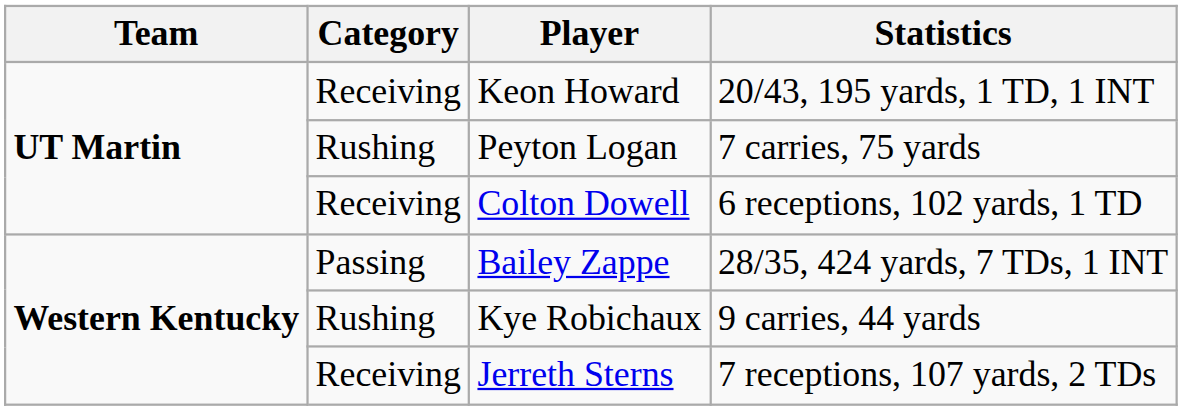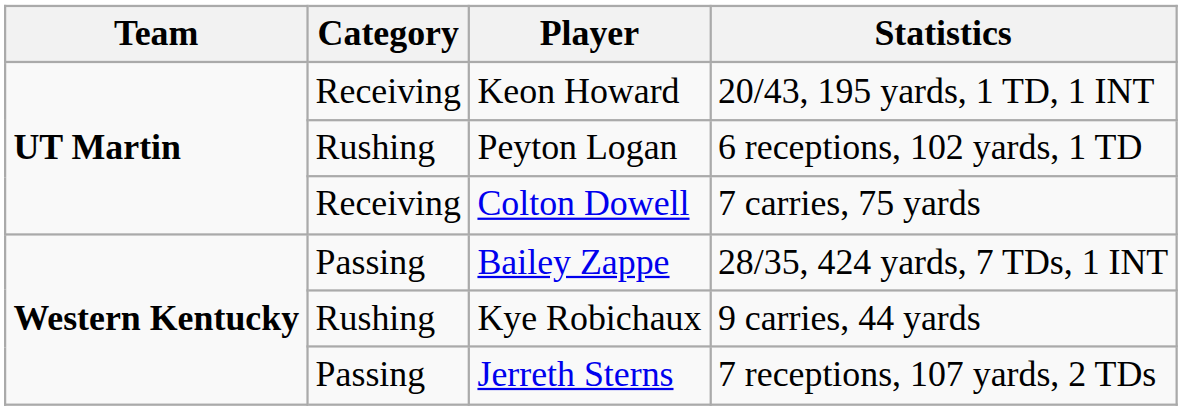 <table class="wikitable" style="float: left;">
 <tr>
 <th>Team</th>
 <th>Category</th>
 <th>Player</th>
 <th>Statistics</th>
 </tr>
 <tr>
 <td rowspan=3><strong>UT Martin</strong></td>
 <td>Receiving</td>
 <td>Keon Howard</td>
 <td>20/43, 195 yards, 1 TD, 1 INT</td>
 </tr>
 <tr>
 <td>Rushing</td>
 <td>Peyton Logan</td>
-<td>7 carries, 75 yards</td>
+<td>6 receptions, 102 yards, 1 TD</td>
 </tr>
 <tr>
 <td>Receiving</td>
 <td><a href='#'>Colton Dowell</a></td>
-<td>6 receptions, 102 yards, 1 TD</td>
+<td>7 carries, 75 yards</td>
 </tr>
 <tr>
 <td rowspan=3><strong>Western Kentucky</strong></td>
 <td>Passing</td>
 <td><a href='#'>Bailey Zappe</a></td>
 <td>28/35, 424 yards, 7 TDs, 1 INT</td>
 </tr>
 <tr>
 <td>Rushing</td>
 <td>Kye Robichaux</td>
 <td>9 carries, 44 yards</td>
 </tr>
 <tr>
-<td>Receiving</td>
+<td>Passing</td>
 <td><a href='#'>Jerreth Sterns</a></td>
 <td>7 receptions, 107 yards, 2 TDs</td>
 </tr>
 </table>
